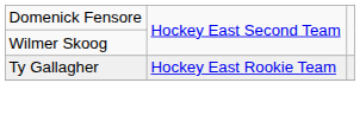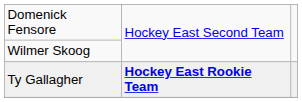 <table class="wikitable" width=40%>
 <tr>
 <td>Domenick Fensore</td>
 <td rowspan=2><a href='#'>Hockey East Second Team</a></td>
 <td rowspan=2></td>
 </tr>
 <tr>
 <td>Wilmer Skoog</td>
 </tr>
 <tr bgcolor=f0f0f0>
 <td>Ty Gallagher</td>
-<td rowspan=1><a href='#'>Hockey East Rookie Team</a></td>
+<td rowspan=1><strong><a href='#'>Hockey East Rookie Team</a></strong></td>
 <td rowspan=1></td>
 </tr>
 <tr>
 </tr>
 </table>
